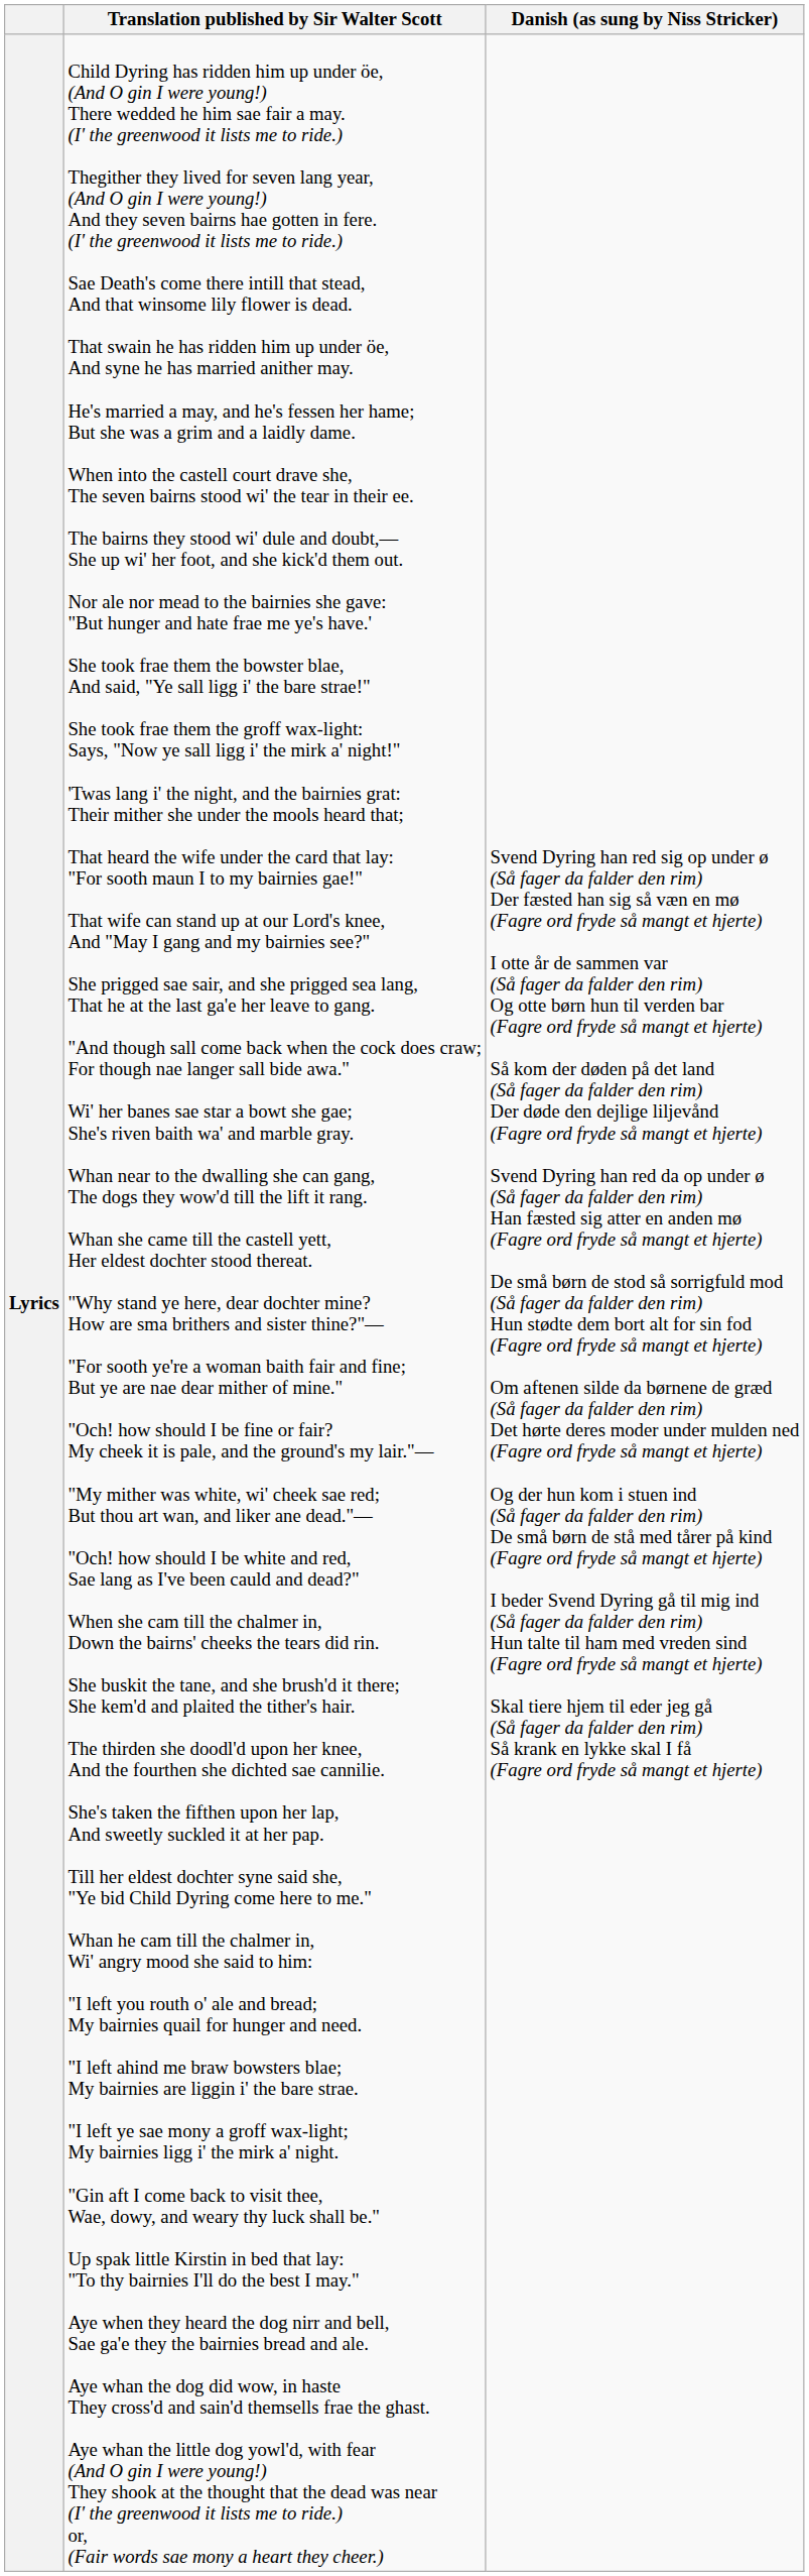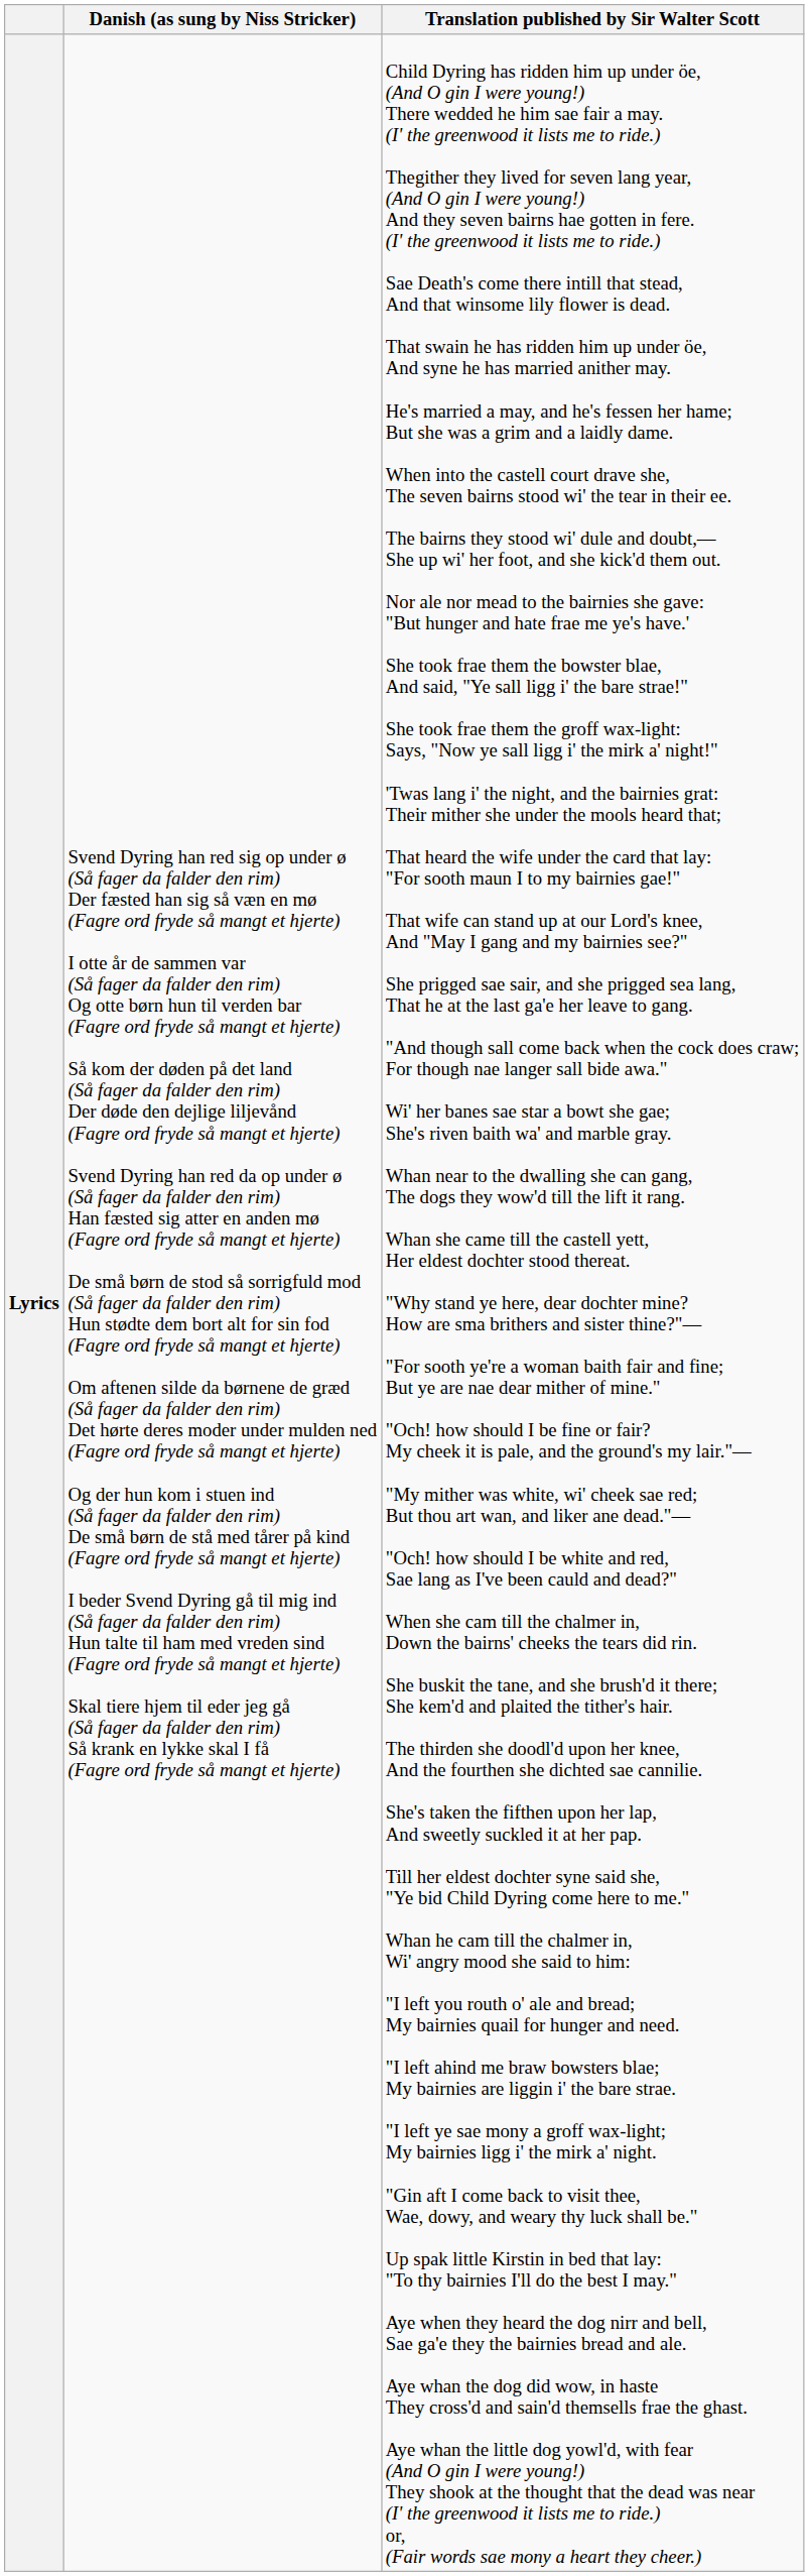 <table class="wikitable">
 <tr>
 <th></th>
+<th>Danish (as sung by Niss Stricker)</th>
 <th>Translation published by Sir Walter Scott</th>
-<th>Danish (as sung by Niss Stricker)</th>
 </tr>
 <tr>
 <th scope="row">Lyrics</th>
+<td><br>Svend Dyring han red sig op under ø<br> <em>(Så fager da falder den rim)</em><br> Der fæsted han sig så væn en mø<br> <em>(Fagre ord fryde så mangt et hjerte)</em><br> <br> I otte år de sammen var<br> <em>(Så fager da falder den rim)</em><br> Og otte børn hun til verden bar<br> <em>(Fagre ord fryde så mangt et hjerte)</em><br> <br> Så kom der døden på det land<br> <em>(Så fager da falder den rim)</em><br> Der døde den dejlige liljevånd<br> <em>(Fagre ord fryde så mangt et hjerte)</em><br> <br> Svend Dyring han red da op under ø<br> <em>(Så fager da falder den rim)</em><br> Han fæsted sig atter en anden mø<br> <em>(Fagre ord fryde så mangt et hjerte)</em><br> <br> De små børn de stod så sorrigfuld mod<br> <em>(Så fager da falder den rim)</em><br> Hun stødte dem bort alt for sin fod<br> <em>(Fagre ord fryde så mangt et hjerte)</em><br> <br> Om aftenen silde da børnene de græd<br> <em>(Så fager da falder den rim)</em><br> Det hørte deres moder under mulden ned<br> <em>(Fagre ord fryde så mangt et hjerte)</em><br> <br> Og der hun kom i stuen ind<br> <em>(Så fager da falder den rim)</em><br> De små børn de stå med tårer på kind<br> <em>(Fagre ord fryde så mangt et hjerte)</em><br> <br> I beder Svend Dyring gå til mig ind<br> <em>(Så fager da falder den rim)</em><br> Hun talte til ham med vreden sind<br> <em>(Fagre ord fryde så mangt et hjerte)</em><br> <br> Skal tiere hjem til eder jeg gå<br> <em>(Så fager da falder den rim)</em><br> Så krank en lykke skal I få<br> <em>(Fagre ord fryde så mangt et hjerte)</em></td>
 <td><br>Child Dyring has ridden him up under öe,<br> <em>(And O gin I were young!)</em><br> There wedded he him sae fair a may.<br> <em>(I' the greenwood it lists me to ride.)</em><br> <br> Thegither they lived for seven lang year,<br> <em>(And O gin I were young!)</em><br> And they seven bairns hae gotten in fere.<br> <em>(I' the greenwood it lists me to ride.)</em><br> <br> Sae Death's come there intill that stead,<br> And that winsome lily flower is dead.<br> <br> That swain he has ridden him up under öe,<br> And syne he has married anither may.<br> <br> He's married a may, and he's fessen her hame;<br> But she was a grim and a laidly dame.<br> <br> When into the castell court drave she,<br> The seven bairns stood wi' the tear in their ee.<br> <br> The bairns they stood wi' dule and doubt,—<br> She up wi' her foot, and she kick'd them out.<br> <br> Nor ale nor mead to the bairnies she gave:<br> "But hunger and hate frae me ye's have.'<br> <br> She took frae them the bowster blae,<br> And said, "Ye sall ligg i' the bare strae!"<br> <br> She took frae them the groff wax-light:<br> Says, "Now ye sall ligg i' the mirk a' night!"<br> <br> 'Twas lang i' the night, and the bairnies grat:<br> Their mither she under the mools heard that;<br> <br> That heard the wife under the card that lay:<br> "For sooth maun I to my bairnies gae!"<br> <br> That wife can stand up at our Lord's knee,<br> And "May I gang and my bairnies see?"<br> <br> She prigged sae sair, and she prigged sea lang,<br> That he at the last ga'e her leave to gang.<br> <br> "And though sall come back when the cock does craw;<br> For though nae langer sall bide awa."<br> <br> Wi' her banes sae star a bowt she gae;<br> She's riven baith wa' and marble gray.<br> <br> Whan near to the dwalling she can gang,<br> The dogs they wow'd till the lift it rang.<br> <br> Whan she came till the castell yett,<br> Her eldest dochter stood thereat.<br> <br> "Why stand ye here, dear dochter mine?<br> How are sma brithers and sister thine?"—<br> <br> "For sooth ye're a woman baith fair and fine;<br> But ye are nae dear mither of mine."<br> <br> "Och! how should I be fine or fair?<br> My cheek it is pale, and the ground's my lair."—<br> <br> "My mither was white, wi' cheek sae red;<br> But thou art wan, and liker ane dead."—<br> <br> "Och! how should I be white and red,<br> Sae lang as I've been cauld and dead?"<br> <br> When she cam till the chalmer in,<br> Down the bairns' cheeks the tears did rin.<br> <br> She buskit the tane, and she brush'd it there;<br> She kem'd and plaited the tither's hair.<br> <br> The thirden she doodl'd upon her knee,<br> And the fourthen she dichted sae cannilie.<br> <br> She's taken the fifthen upon her lap,<br> And sweetly suckled it at her pap.<br> <br> Till her eldest dochter syne said she,<br> "Ye bid Child Dyring come here to me."<br> <br> Whan he cam till the chalmer in,<br> Wi' angry mood she said to him:<br> <br> "I left you routh o' ale and bread;<br> My bairnies quail for hunger and need.<br> <br> "I left ahind me braw bowsters blae;<br> My bairnies are liggin i' the bare strae.<br> <br> "I left ye sae mony a groff wax-light;<br> My bairnies ligg i' the mirk a' night.<br> <br> "Gin aft I come back to visit thee,<br> Wae, dowy, and weary thy luck shall be."<br> <br> Up spak little Kirstin in bed that lay:<br> "To thy bairnies I'll do the best I may."<br> <br> Aye when they heard the dog nirr and bell,<br> Sae ga'e they the bairnies bread and ale.<br> <br> Aye whan the dog did wow, in haste<br> They cross'd and sain'd themsells frae the ghast.<br> <br> Aye whan the little dog yowl'd, with fear<br> <em>(And O gin I were young!)</em><br> They shook at the thought that the dead was near<br> <em>(I' the greenwood it lists me to ride.)</em><br> or,<br> <em>(Fair words sae mony a heart they cheer.)</em></td>
-<td><br>Svend Dyring han red sig op under ø<br> <em>(Så fager da falder den rim)</em><br> Der fæsted han sig så væn en mø<br> <em>(Fagre ord fryde så mangt et hjerte)</em><br> <br> I otte år de sammen var<br> <em>(Så fager da falder den rim)</em><br> Og otte børn hun til verden bar<br> <em>(Fagre ord fryde så mangt et hjerte)</em><br> <br> Så kom der døden på det land<br> <em>(Så fager da falder den rim)</em><br> Der døde den dejlige liljevånd<br> <em>(Fagre ord fryde så mangt et hjerte)</em><br> <br> Svend Dyring han red da op under ø<br> <em>(Så fager da falder den rim)</em><br> Han fæsted sig atter en anden mø<br> <em>(Fagre ord fryde så mangt et hjerte)</em><br> <br> De små børn de stod så sorrigfuld mod<br> <em>(Så fager da falder den rim)</em><br> Hun stødte dem bort alt for sin fod<br> <em>(Fagre ord fryde så mangt et hjerte)</em><br> <br> Om aftenen silde da børnene de græd<br> <em>(Så fager da falder den rim)</em><br> Det hørte deres moder under mulden ned<br> <em>(Fagre ord fryde så mangt et hjerte)</em><br> <br> Og der hun kom i stuen ind<br> <em>(Så fager da falder den rim)</em><br> De små børn de stå med tårer på kind<br> <em>(Fagre ord fryde så mangt et hjerte)</em><br> <br> I beder Svend Dyring gå til mig ind<br> <em>(Så fager da falder den rim)</em><br> Hun talte til ham med vreden sind<br> <em>(Fagre ord fryde så mangt et hjerte)</em><br> <br> Skal tiere hjem til eder jeg gå<br> <em>(Så fager da falder den rim)</em><br> Så krank en lykke skal I få<br> <em>(Fagre ord fryde så mangt et hjerte)</em></td>
 </tr>
 </table>
